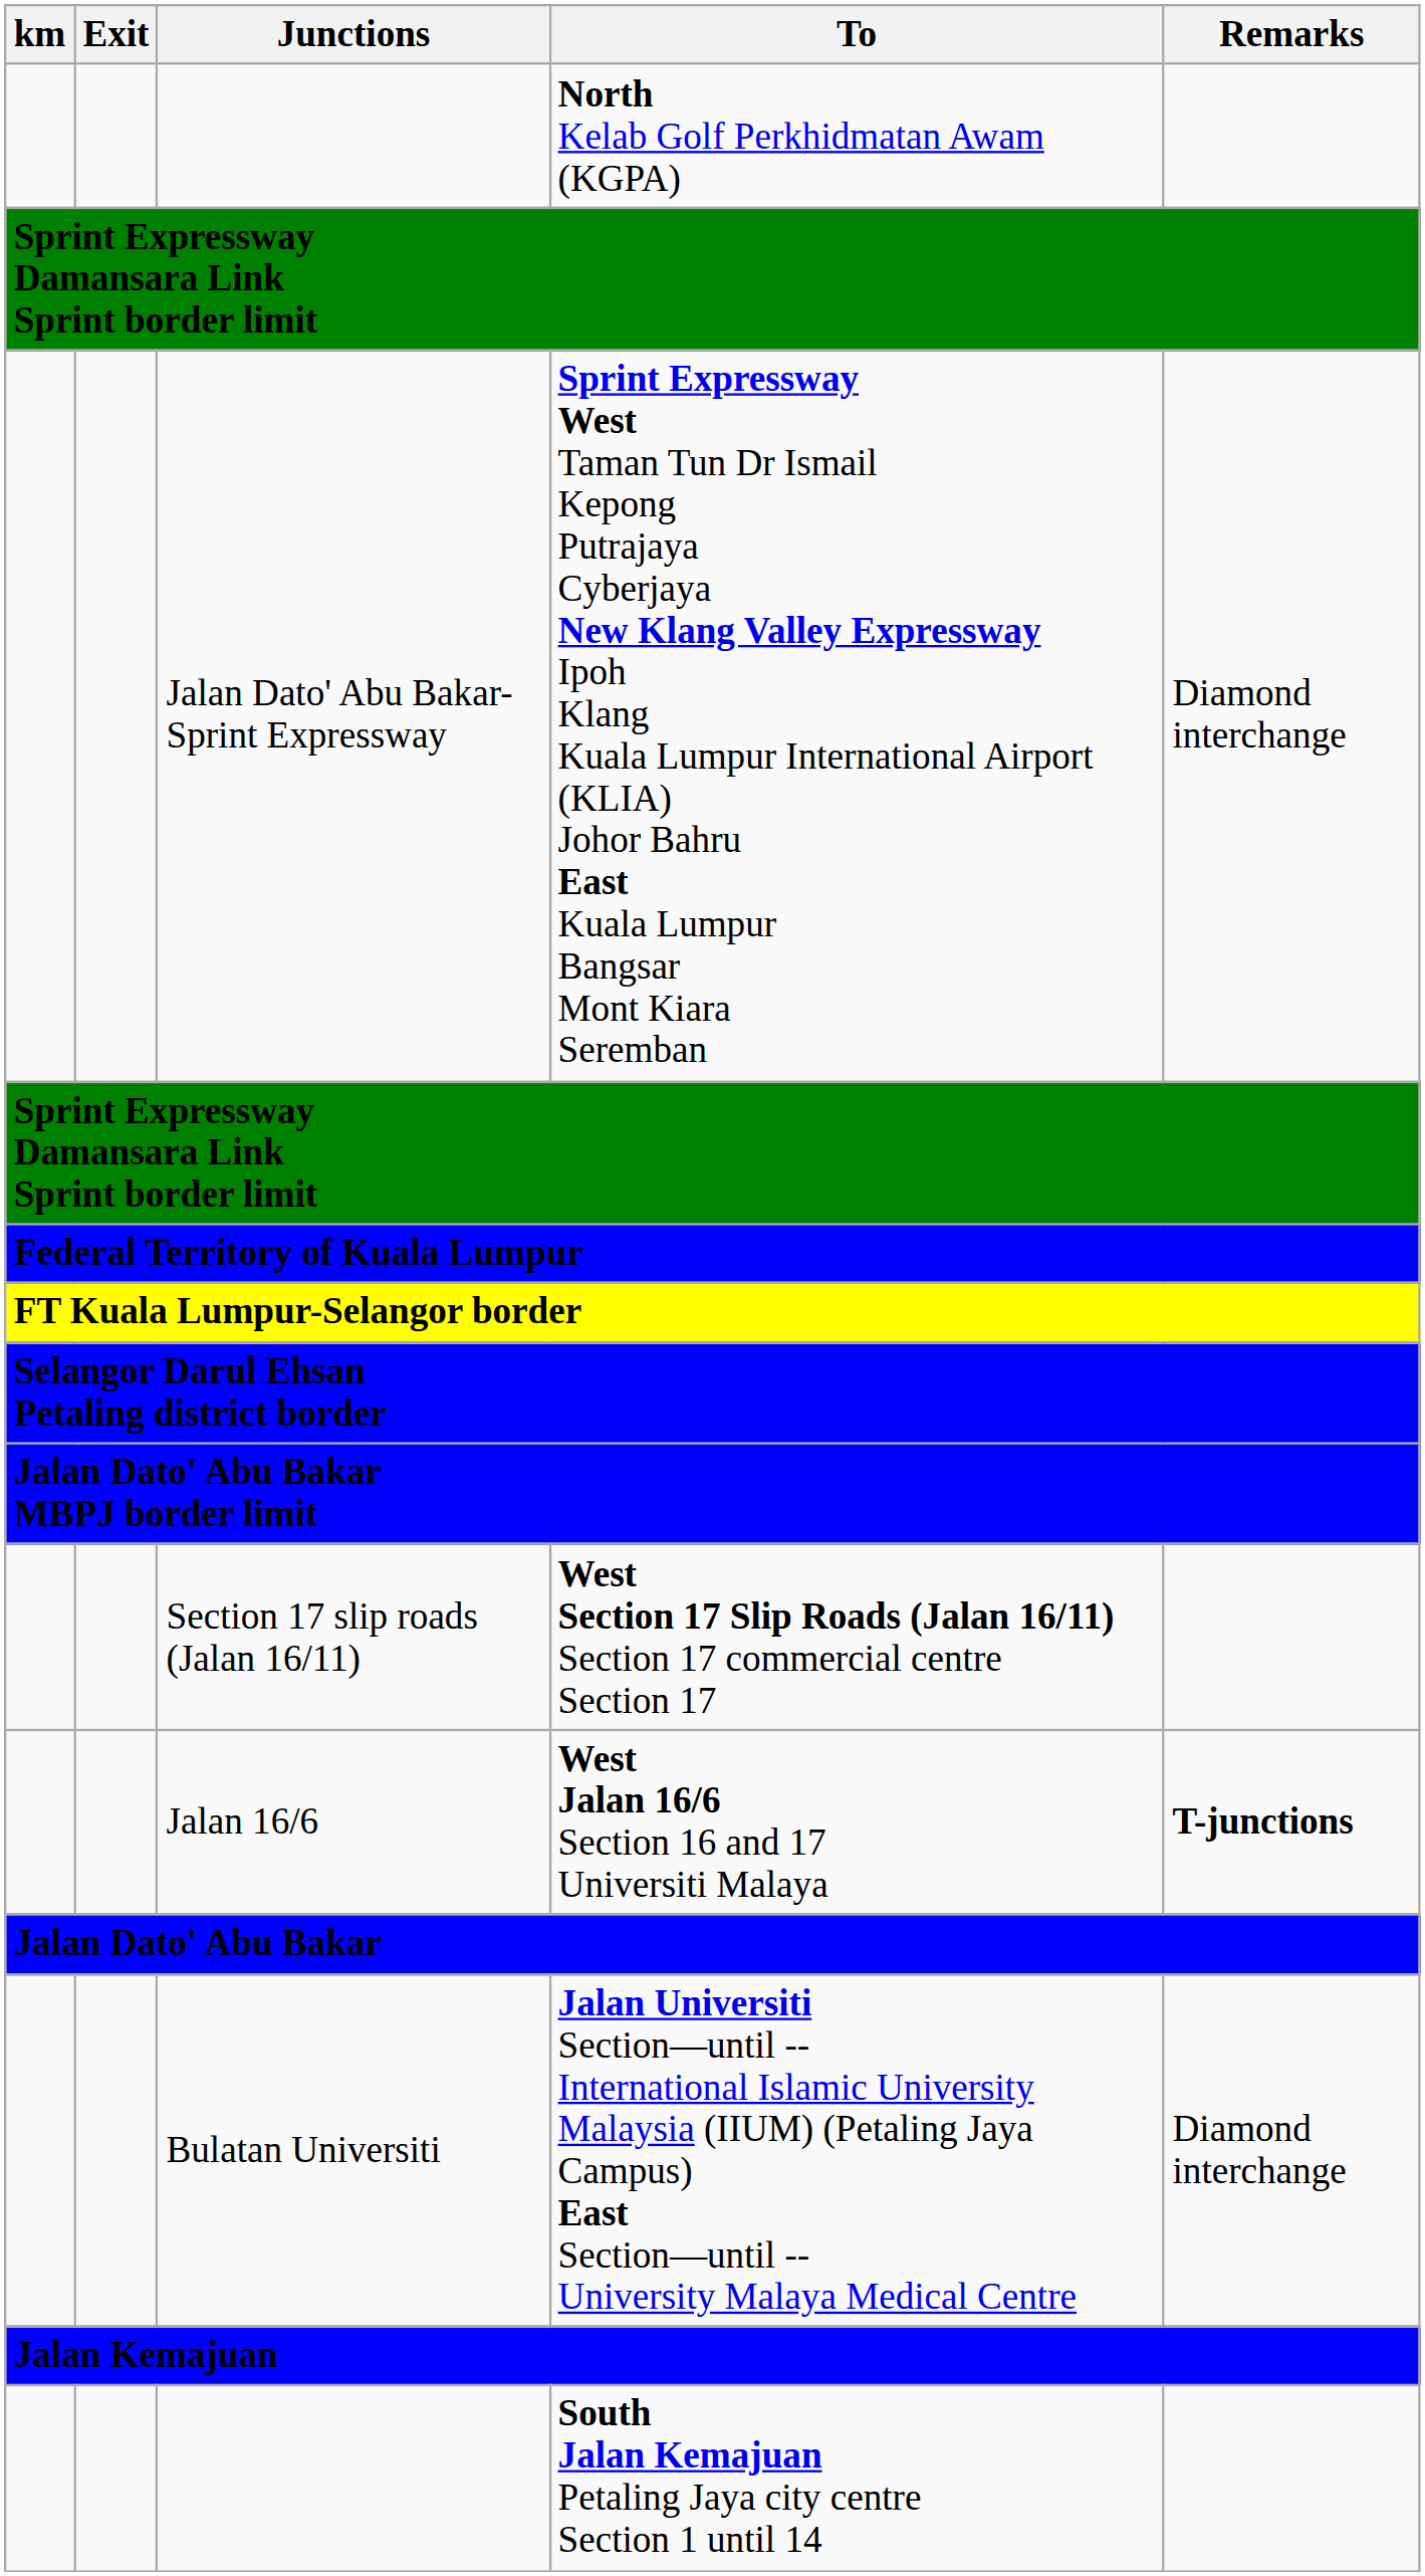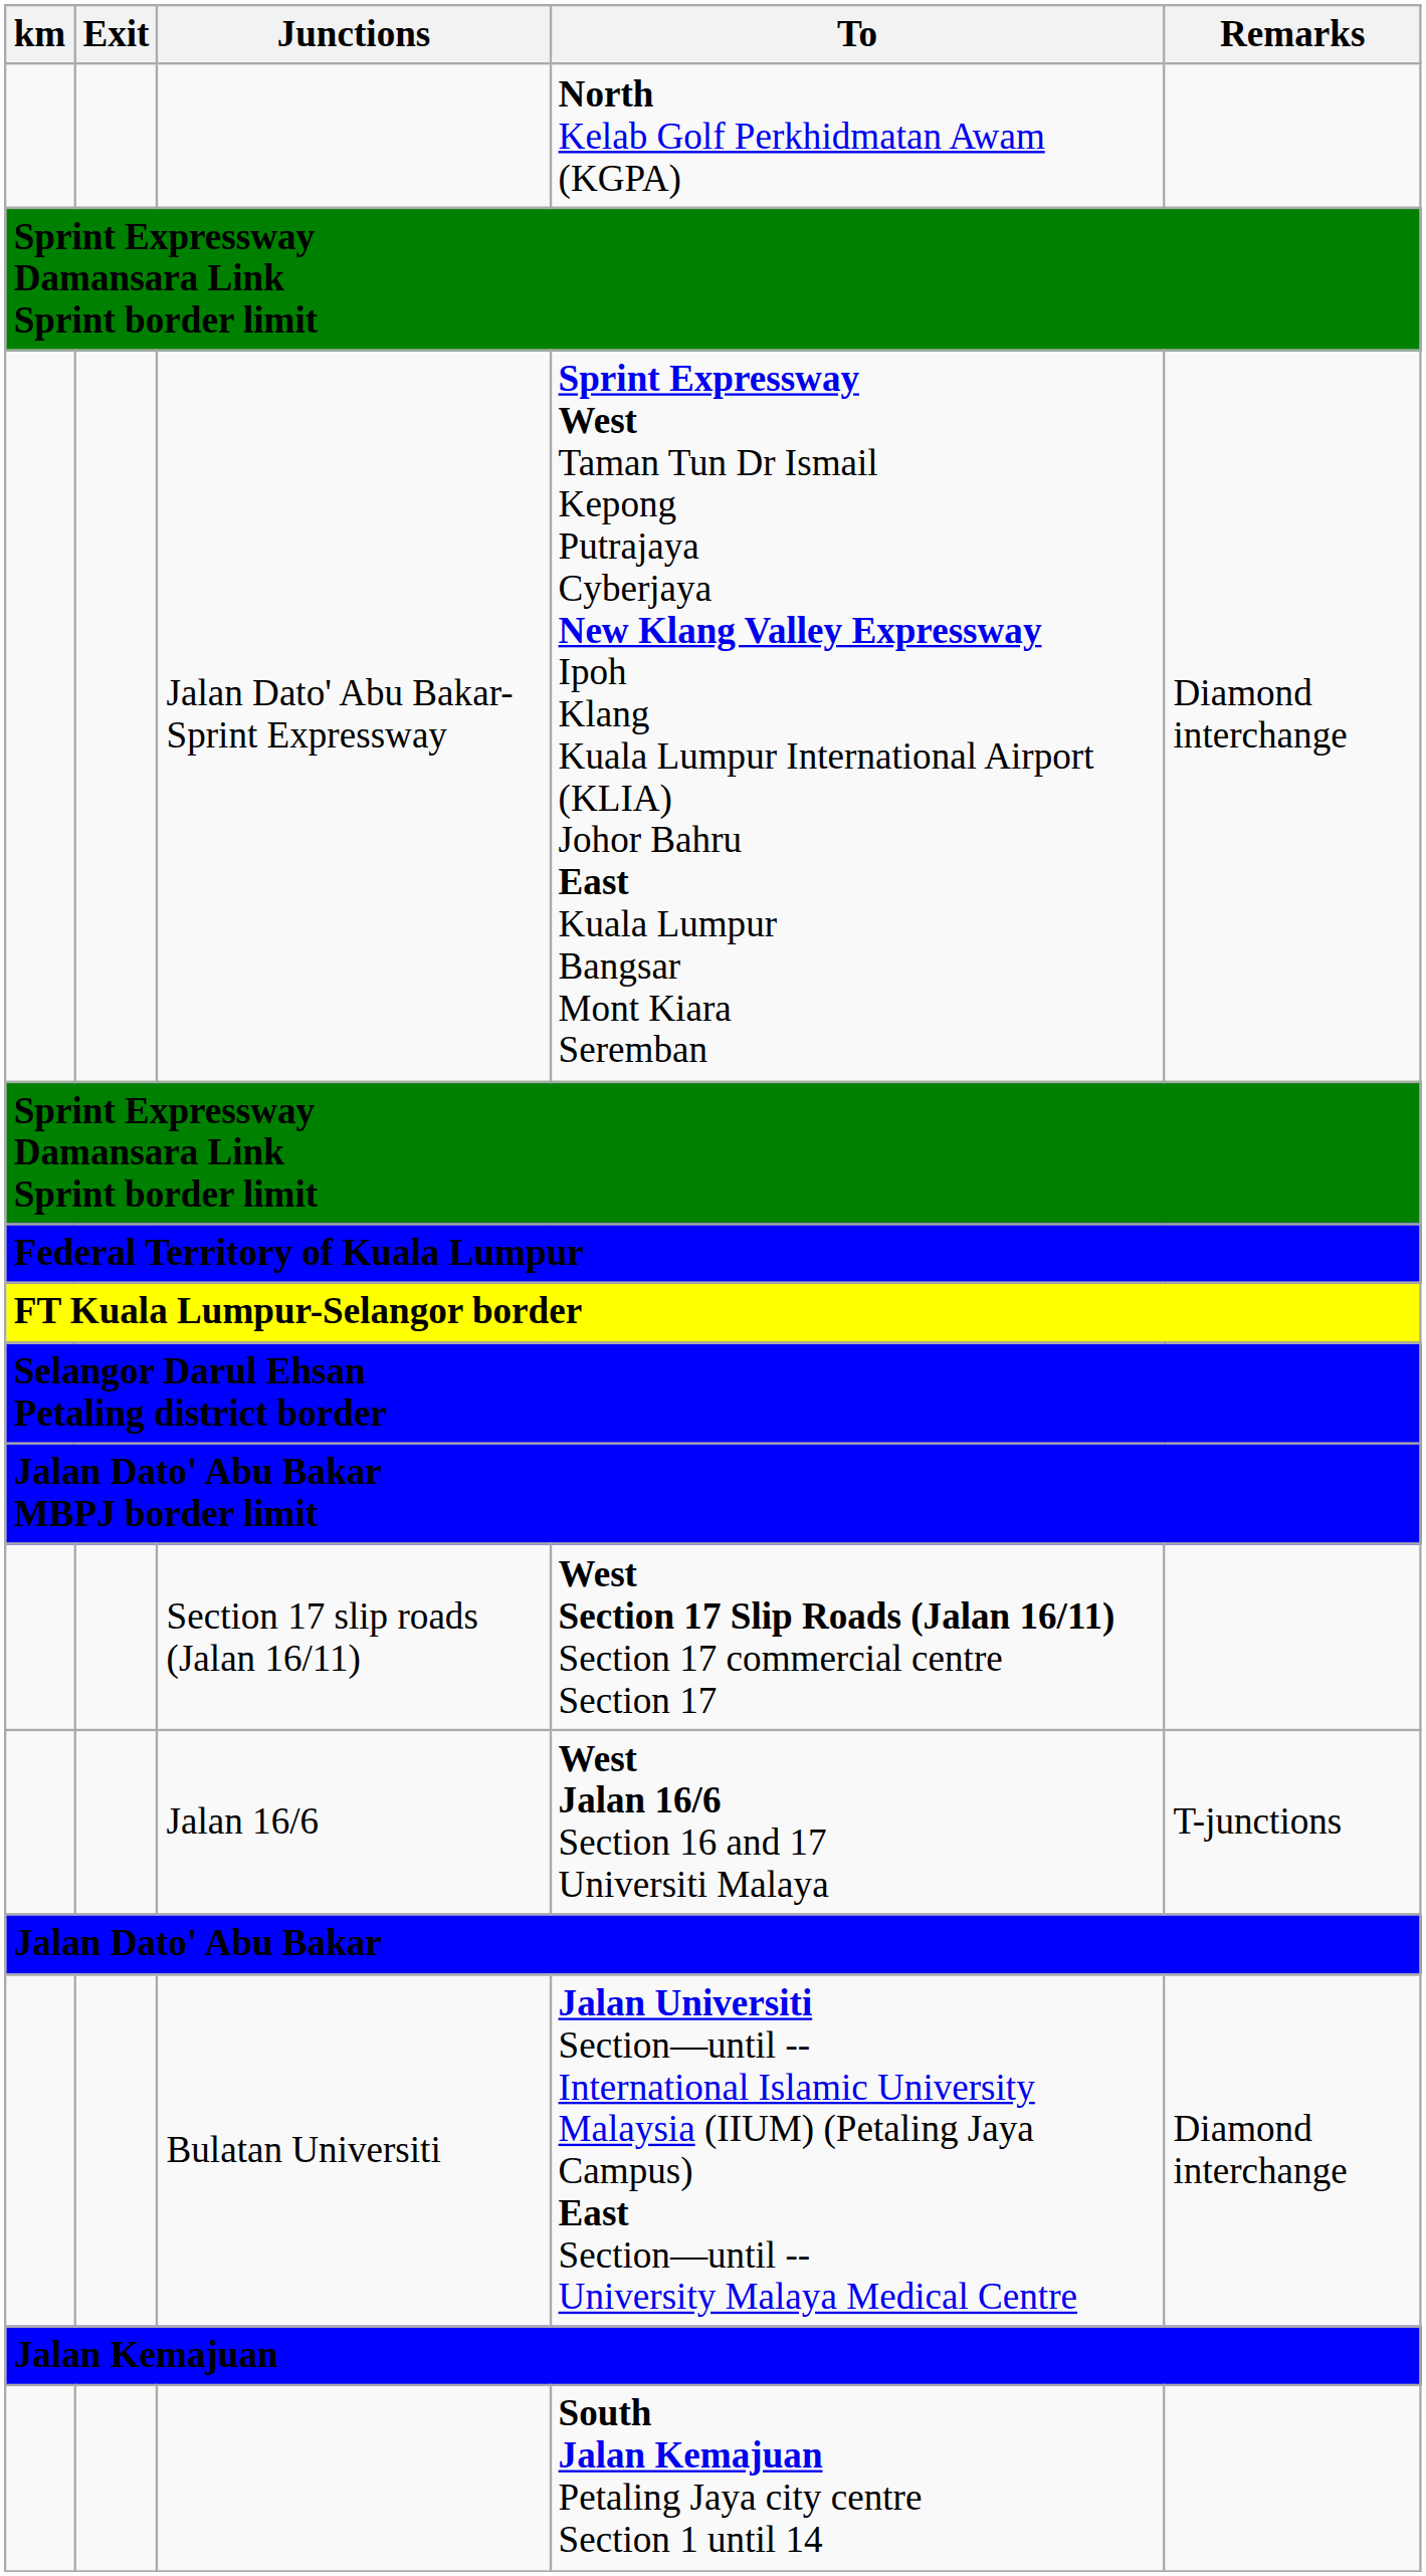 <table class="wikitable">
 <tr>
 <th>km</th>
 <th>Exit</th>
 <th>Junctions</th>
 <th>To</th>
 <th>Remarks</th>
 </tr>
 <tr>
 <td></td>
 <td></td>
 <td></td>
 <td><strong>North</strong><br><a href='#'>Kelab Golf Perkhidmatan Awam</a> (KGPA)</td>
 <td></td>
 </tr>
 <tr>
 <td style="width:600px" colspan="6" style="text-align:center" bgcolor="green"><strong><span> Sprint Expressway<br>Damansara Link<br>Sprint border limit</span></strong></td>
 </tr>
 <tr>
 <td></td>
 <td></td>
 <td>Jalan Dato' Abu Bakar-Sprint Expressway</td>
 <td> <strong><a href='#'>Sprint Expressway</a></strong><br><strong>West</strong><br>Taman Tun Dr Ismail<br>Kepong<br>Putrajaya<br>Cyberjaya<br> <strong><a href='#'>New Klang Valley Expressway</a></strong><br>Ipoh<br>Klang<br>Kuala Lumpur International Airport (KLIA) <br>Johor Bahru<br><strong>East</strong><br>Kuala Lumpur<br>Bangsar<br>Mont Kiara<br>Seremban</td>
 <td>Diamond interchange</td>
 </tr>
 <tr>
 <td style="width:600px" colspan="6" style="text-align:center" bgcolor="green"><strong><span> Sprint Expressway<br>Damansara Link<br>Sprint border limit</span></strong></td>
 </tr>
 <tr>
 <td style="width:600px" colspan="6" style="text-align:center" bgcolor="blue"><strong><span>Federal Territory of Kuala Lumpur</span></strong></td>
 </tr>
 <tr>
 <td style="width:600px" colspan="6" style="text-align:center" bgcolor="yellow"><strong><span>FT Kuala Lumpur-Selangor border</span></strong></td>
 </tr>
 <tr>
 <td style="width:600px" colspan="6" style="text-align:center" bgcolor="blue"><strong><span>Selangor Darul Ehsan<br>Petaling district border</span></strong></td>
 </tr>
 <tr>
 <td style="width:600px" colspan="6" style="text-align:center" bgcolor="blue"><strong><span>Jalan Dato' Abu Bakar<br>MBPJ border limit</span></strong></td>
 </tr>
 <tr>
 <td></td>
 <td></td>
 <td>Section 17 slip roads (Jalan 16/11)</td>
 <td><strong>West</strong><br><strong>Section 17 Slip Roads (Jalan 16/11)</strong><br>Section 17 commercial centre<br>Section 17</td>
 <td></td>
 </tr>
 <tr>
 <td></td>
 <td></td>
 <td>Jalan 16/6</td>
 <td><strong>West</strong><br><strong>Jalan 16/6</strong><br>Section 16 and 17<br>Universiti Malaya </td>
-<td><strong>T-junctions</strong></td>
+<td>T-junctions</td>
 </tr>
 <tr>
 <td style="width:600px" colspan="6" style="text-align:center" bgcolor="blue"><strong><span>Jalan Dato' Abu Bakar</span></strong></td>
 </tr>
 <tr>
 <td></td>
 <td></td>
 <td>Bulatan Universiti</td>
 <td><strong><a href='#'>Jalan Universiti</a></strong><br>Section—until --<br><a href='#'>International Islamic University Malaysia</a> (IIUM) (Petaling Jaya Campus) <br><strong>East</strong><br>Section—until --<br><a href='#'>University Malaya Medical Centre</a></td>
 <td>Diamond interchange</td>
 </tr>
 <tr>
 <td style="width:600px" colspan="6" style="text-align:center" bgcolor="blue"><strong><span>Jalan Kemajuan</span></strong></td>
 </tr>
 <tr>
 <td></td>
 <td></td>
 <td></td>
 <td><strong>South</strong><br><strong><a href='#'>Jalan Kemajuan</a></strong><br>Petaling Jaya city centre<br>Section 1 until 14</td>
 <td></td>
 </tr>
 </table>
